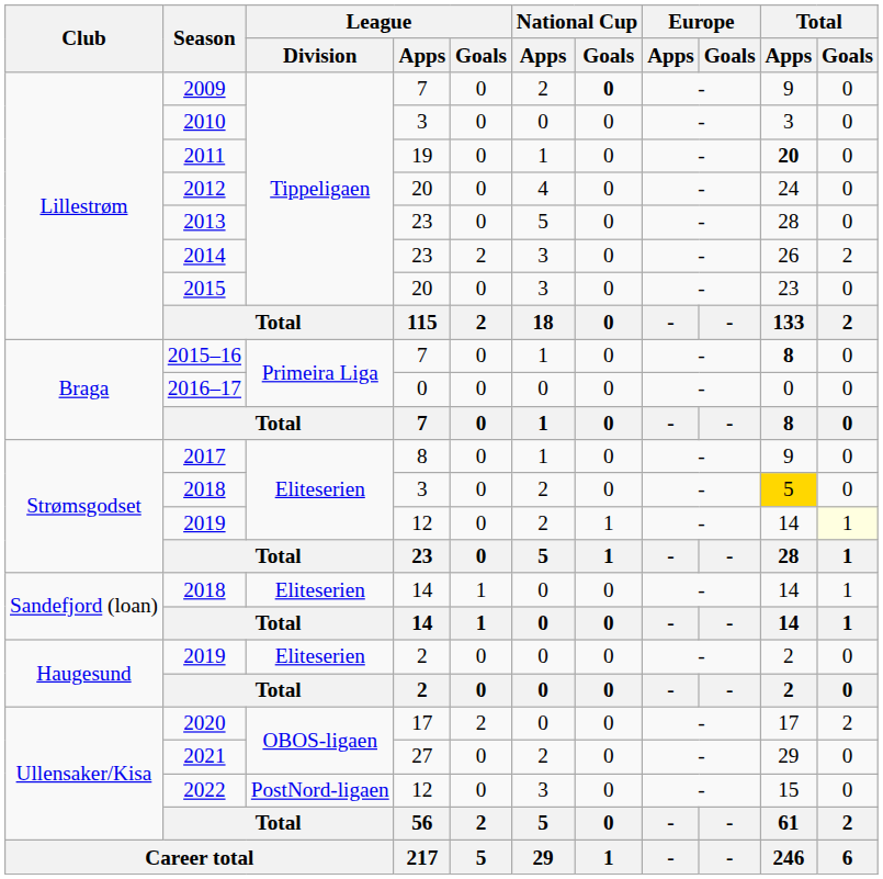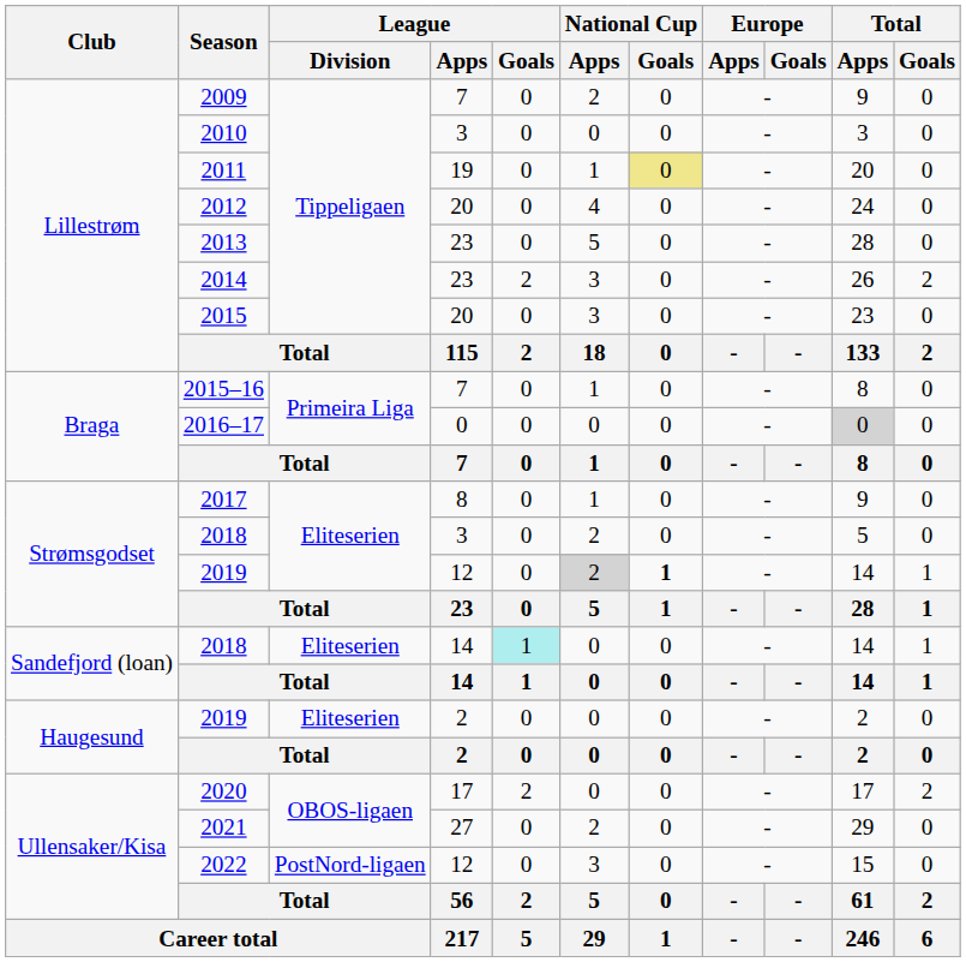 <table class="wikitable" style="text-align: center;">
 <tr>
 <th rowspan="2">Club</th>
 <th rowspan="2">Season</th>
 <th colspan="3">League</th>
 <th colspan="2">National Cup</th>
 <th colspan="2">Europe</th>
 <th colspan="2">Total</th>
 </tr>
 <tr>
 <th>Division</th>
 <th>Apps</th>
 <th>Goals</th>
 <th>Apps</th>
 <th>Goals</th>
 <th>Apps</th>
 <th>Goals</th>
 <th>Apps</th>
 <th>Goals</th>
 </tr>
 <tr>
 <td rowspan="8"><a href='#'>Lillestrøm</a></td>
 <td><a href='#'>2009</a></td>
 <td rowspan="7"><a href='#'>Tippeligaen</a></td>
 <td>7</td>
 <td>0</td>
 <td>2</td>
-<td><strong>0</strong></td>
+<td>0</td>
 <td colspan="2">-</td>
 <td>9</td>
 <td>0</td>
 </tr>
 <tr>
 <td><a href='#'>2010</a></td>
 <td>3</td>
 <td>0</td>
 <td>0</td>
 <td>0</td>
 <td colspan="2">-</td>
 <td>3</td>
 <td>0</td>
 </tr>
 <tr>
 <td><a href='#'>2011</a></td>
 <td>19</td>
 <td>0</td>
 <td>1</td>
-<td>0</td>
+<td style="background: khaki;">0</td>
 <td colspan="2">-</td>
-<td><strong>20</strong></td>
+<td>20</td>
 <td>0</td>
 </tr>
 <tr>
 <td><a href='#'>2012</a></td>
 <td>20</td>
 <td>0</td>
 <td>4</td>
 <td>0</td>
 <td colspan="2">-</td>
 <td>24</td>
 <td>0</td>
 </tr>
 <tr>
 <td><a href='#'>2013</a></td>
 <td>23</td>
 <td>0</td>
 <td>5</td>
 <td>0</td>
 <td colspan="2">-</td>
 <td>28</td>
 <td>0</td>
 </tr>
 <tr>
 <td><a href='#'>2014</a></td>
 <td>23</td>
 <td>2</td>
 <td>3</td>
 <td>0</td>
 <td colspan="2">-</td>
 <td>26</td>
 <td>2</td>
 </tr>
 <tr>
 <td><a href='#'>2015</a></td>
 <td>20</td>
 <td>0</td>
 <td>3</td>
 <td>0</td>
 <td colspan="2">-</td>
 <td>23</td>
 <td>0</td>
 </tr>
 <tr>
 <th colspan="2">Total</th>
 <th>115</th>
 <th>2</th>
 <th>18</th>
 <th>0</th>
 <th>-</th>
 <th>-</th>
 <th>133</th>
 <th>2</th>
 </tr>
 <tr>
 <td rowspan="3"><a href='#'>Braga</a></td>
 <td><a href='#'>2015–16</a></td>
 <td rowspan="2"><a href='#'>Primeira Liga</a></td>
 <td>7</td>
 <td>0</td>
 <td>1</td>
 <td>0</td>
 <td colspan="2">-</td>
-<td><strong>8</strong></td>
+<td>8</td>
 <td>0</td>
 </tr>
 <tr>
 <td><a href='#'>2016–17</a></td>
 <td>0</td>
 <td>0</td>
 <td>0</td>
 <td>0</td>
 <td colspan="2">-</td>
-<td>0</td>
+<td style="background: lightgrey;">0</td>
 <td>0</td>
 </tr>
 <tr>
 <th colspan="2">Total</th>
 <th>7</th>
 <th>0</th>
 <th>1</th>
 <th>0</th>
 <th>-</th>
 <th>-</th>
 <th>8</th>
 <th>0</th>
 </tr>
 <tr>
 <td rowspan="4"><a href='#'>Strømsgodset</a></td>
 <td><a href='#'>2017</a></td>
 <td rowspan="3"><a href='#'>Eliteserien</a></td>
 <td>8</td>
 <td>0</td>
 <td>1</td>
 <td>0</td>
 <td colspan="2">-</td>
 <td>9</td>
 <td>0</td>
 </tr>
 <tr>
 <td><a href='#'>2018</a></td>
 <td>3</td>
 <td>0</td>
 <td>2</td>
 <td>0</td>
 <td colspan="2">-</td>
-<td style="background: gold;">5</td>
+<td>5</td>
 <td>0</td>
 </tr>
 <tr>
 <td><a href='#'>2019</a></td>
 <td>12</td>
 <td>0</td>
-<td>2</td>
-<td>1</td>
+<td style="background: lightgrey;">2</td>
+<td><strong>1</strong></td>
 <td colspan="2">-</td>
 <td>14</td>
-<td style="background: lightyellow;">1</td>
+<td>1</td>
 </tr>
 <tr>
 <th colspan="2">Total</th>
 <th>23</th>
 <th>0</th>
 <th>5</th>
 <th>1</th>
 <th>-</th>
 <th>-</th>
 <th>28</th>
 <th>1</th>
 </tr>
 <tr>
 <td rowspan="2"><a href='#'>Sandefjord</a> (loan)</td>
 <td><a href='#'>2018</a></td>
 <td rowspan="1"><a href='#'>Eliteserien</a></td>
 <td>14</td>
-<td>1</td>
+<td style="background: paleturquoise;">1</td>
 <td>0</td>
 <td>0</td>
 <td colspan="2">-</td>
 <td>14</td>
 <td>1</td>
 </tr>
 <tr>
 <th colspan="2">Total</th>
 <th>14</th>
 <th>1</th>
 <th>0</th>
 <th>0</th>
 <th>-</th>
 <th>-</th>
 <th>14</th>
 <th>1</th>
 </tr>
 <tr>
 <td rowspan="2"><a href='#'>Haugesund</a></td>
 <td><a href='#'>2019</a></td>
 <td rowspan="1"><a href='#'>Eliteserien</a></td>
 <td>2</td>
 <td>0</td>
 <td>0</td>
 <td>0</td>
 <td colspan="2">-</td>
 <td>2</td>
 <td>0</td>
 </tr>
 <tr>
 <th colspan="2">Total</th>
 <th>2</th>
 <th>0</th>
 <th>0</th>
 <th>0</th>
 <th>-</th>
 <th>-</th>
 <th>2</th>
 <th>0</th>
 </tr>
 <tr>
 <td rowspan="4"><a href='#'>Ullensaker/Kisa</a></td>
 <td><a href='#'>2020</a></td>
 <td rowspan="2"><a href='#'>OBOS-ligaen</a></td>
 <td>17</td>
 <td>2</td>
 <td>0</td>
 <td>0</td>
 <td colspan="2">-</td>
 <td>17</td>
 <td>2</td>
 </tr>
 <tr>
 <td><a href='#'>2021</a></td>
 <td>27</td>
 <td>0</td>
 <td>2</td>
 <td>0</td>
 <td colspan="2">-</td>
 <td>29</td>
 <td>0</td>
 </tr>
 <tr>
 <td><a href='#'>2022</a></td>
 <td rowspan="1"><a href='#'>PostNord-ligaen</a></td>
 <td>12</td>
 <td>0</td>
 <td>3</td>
 <td>0</td>
 <td colspan="2">-</td>
 <td>15</td>
 <td>0</td>
 </tr>
 <tr>
 <th colspan="2">Total</th>
 <th>56</th>
 <th>2</th>
 <th>5</th>
 <th>0</th>
 <th>-</th>
 <th>-</th>
 <th>61</th>
 <th>2</th>
 </tr>
 <tr>
 <th colspan="3">Career total</th>
 <th>217</th>
 <th>5</th>
 <th>29</th>
 <th>1</th>
 <th>-</th>
 <th>-</th>
 <th>246</th>
 <th>6</th>
 </tr>
 </table>
